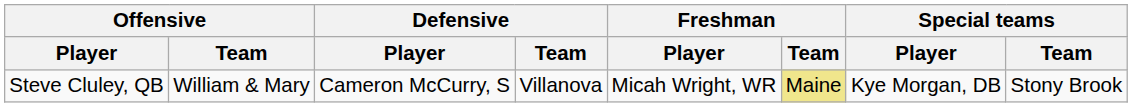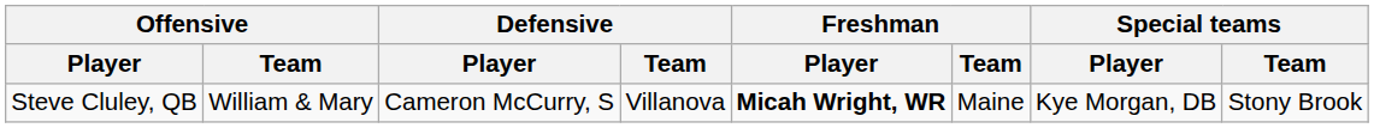 <table class="wikitable" border="1">
 <tr>
 <th colspan="2">Offensive</th>
 <th colspan="2">Defensive</th>
 <th colspan="2">Freshman</th>
 <th colspan="2">Special teams</th>
 </tr>
 <tr>
 <th>Player</th>
 <th>Team</th>
 <th>Player</th>
 <th>Team</th>
 <th>Player</th>
 <th>Team</th>
 <th>Player</th>
 <th>Team</th>
 </tr>
 <tr>
 <td>Steve Cluley, QB</td>
 <td>William & Mary</td>
 <td>Cameron McCurry, S</td>
 <td>Villanova</td>
-<td>Micah Wright, WR</td>
-<td style="background: khaki;">Maine</td>
+<td><strong>Micah Wright, WR</strong></td>
+<td>Maine</td>
 <td>Kye Morgan, DB</td>
 <td>Stony Brook</td>
 </tr>
 </table>
